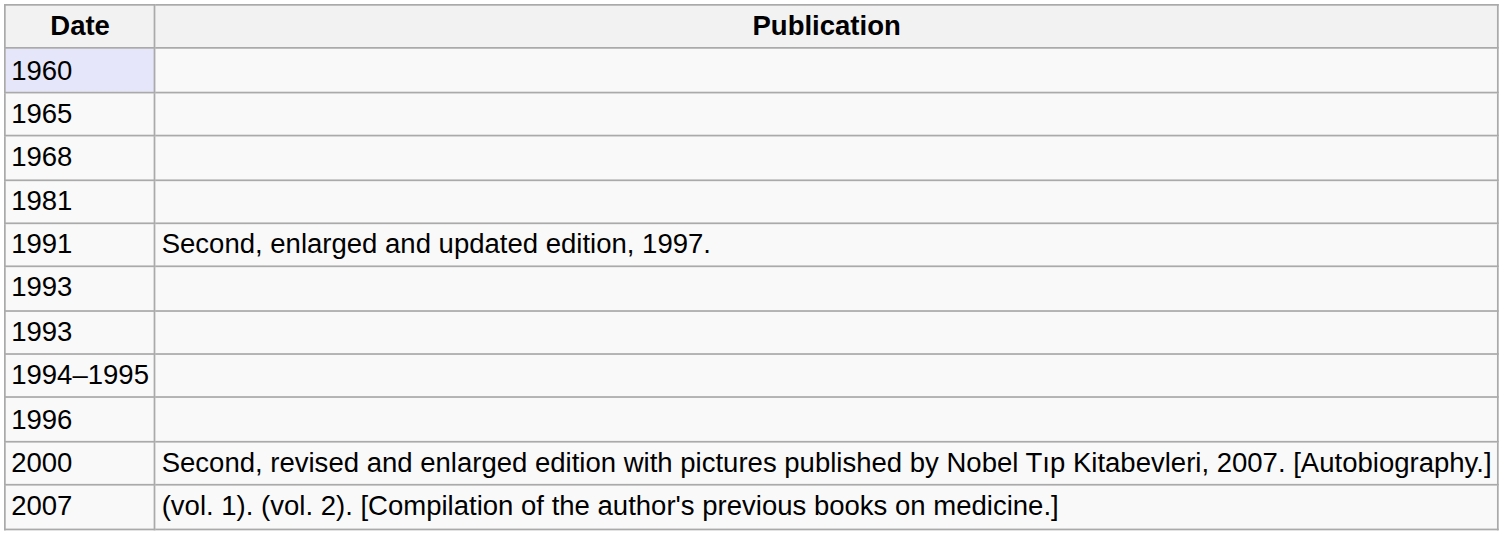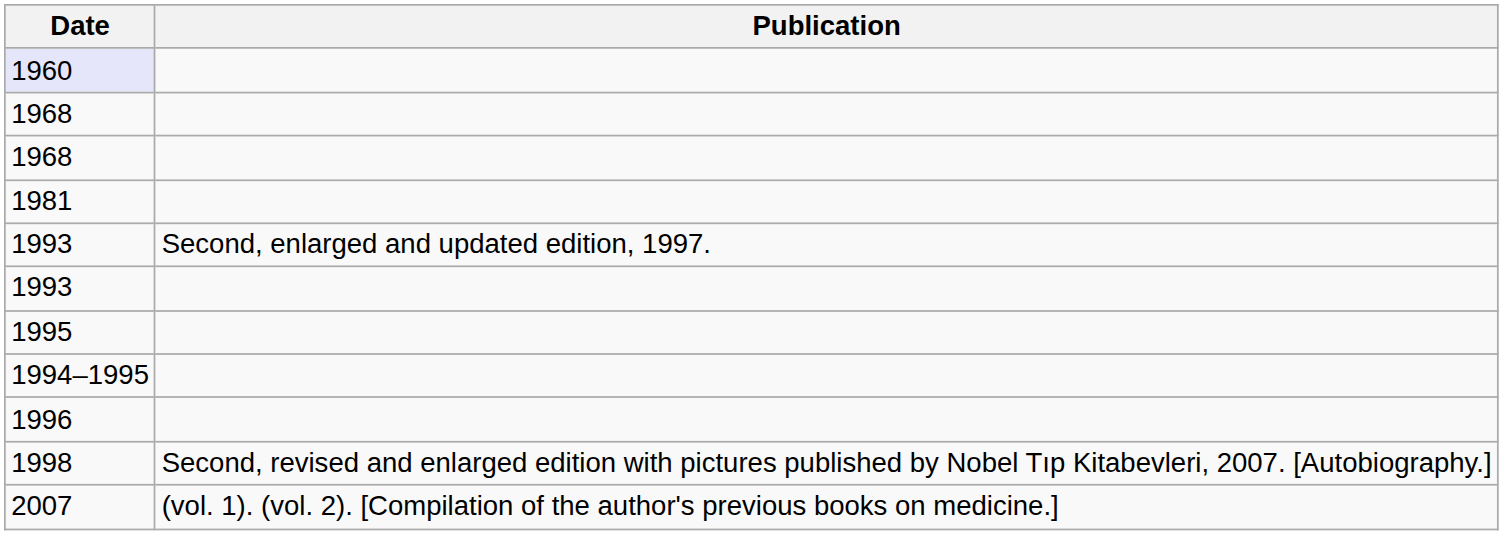 <table class="wikitable sortable">
 <tr>
 <th>Date</th>
 <th>Publication</th>
 </tr>
 <tr style="vertical-align:top;">
 <td style="background: lavender;">1960</td>
 <td></td>
 </tr>
 <tr style="vertical-align:top;">
-<td>1965</td>
+<td>1968</td>
 <td></td>
 </tr>
 <tr style="vertical-align:top;">
 <td>1968</td>
 <td></td>
 </tr>
 <tr style="vertical-align:top;">
 <td>1981</td>
 <td></td>
 </tr>
 <tr style="vertical-align:top;">
-<td>1991</td>
+<td>1993</td>
 <td> Second, enlarged and updated edition, 1997.</td>
 </tr>
 <tr style="vertical-align:top;">
 <td>1993</td>
 <td></td>
 </tr>
 <tr style="vertical-align:top;">
-<td>1993</td>
+<td>1995</td>
 <td></td>
 </tr>
 <tr style="vertical-align:top;">
 <td>1994–1995</td>
 <td></td>
 </tr>
 <tr style="vertical-align:top;">
 <td>1996</td>
 <td></td>
 </tr>
 <tr style="vertical-align:top;">
-<td>2000</td>
+<td>1998</td>
 <td> Second, revised and enlarged edition with pictures published by Nobel Tıp Kitabevleri, 2007.  [Autobiography.]</td>
 </tr>
 <tr style="vertical-align:top;">
 <td>2007</td>
 <td>  (vol. 1).  (vol. 2). [Compilation of the author's previous books on medicine.]</td>
 </tr>
 </table>
